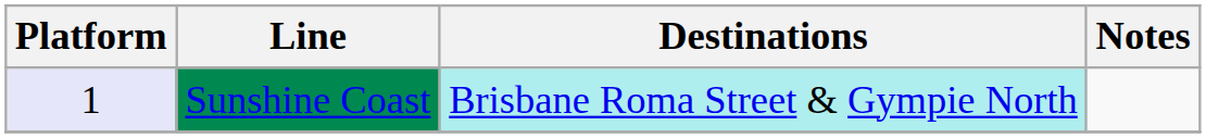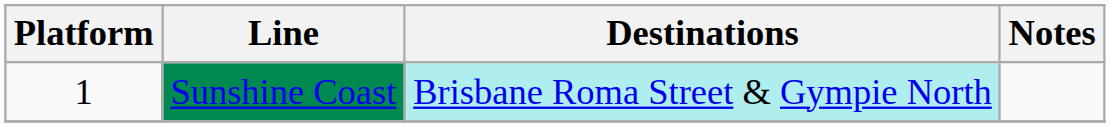 <table class="wikitable" style="float: none; margin: 0.5em; ">
 <tr>
 <th>Platform</th>
 <th>Line</th>
 <th>Destinations</th>
 <th>Notes</th>
 </tr>
 <tr>
-<td rowspan="1" style="background: lavender; text-align:center;">1</td>
+<td rowspan="1" style="text-align:center;">1</td>
 <td style=background:#008851><a href='#'><span>Sunshine Coast</span></a></td>
 <td style="background: paleturquoise;"><a href='#'>Brisbane Roma Street</a> & <a href='#'>Gympie North</a></td>
 <td></td>
 </tr>
 <tr>
 </tr>
 </table>
